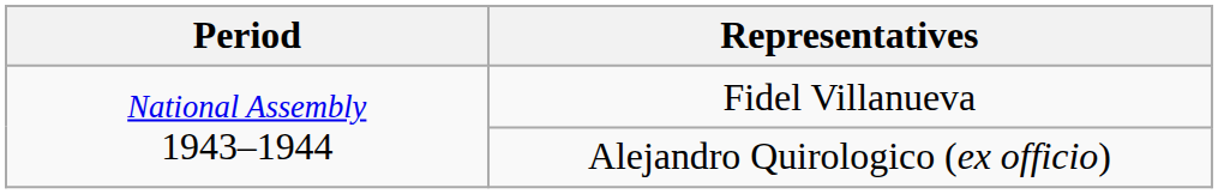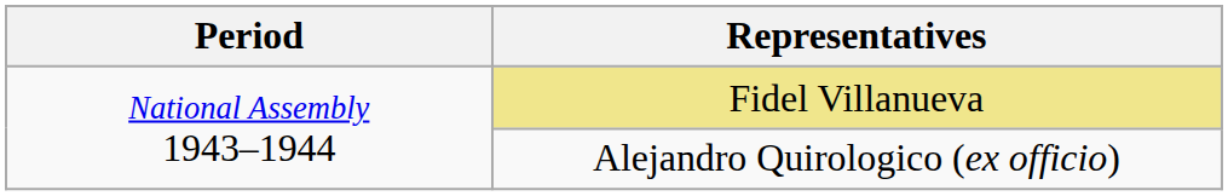 <table class="wikitable" style="text-align:center; width:40%;">
 <tr>
 <th width="40%">Period</th>
 <th>Representatives</th>
 </tr>
 <tr>
 <td rowspan="2"><small><a href='#'><em>National Assembly</em></a></small><br>1943–1944</td>
-<td>Fidel Villanueva</td>
+<td style="background: khaki;">Fidel Villanueva</td>
 </tr>
 <tr>
 <td>Alejandro Quirologico (<em>ex officio</em>)</td>
 </tr>
 </table>
